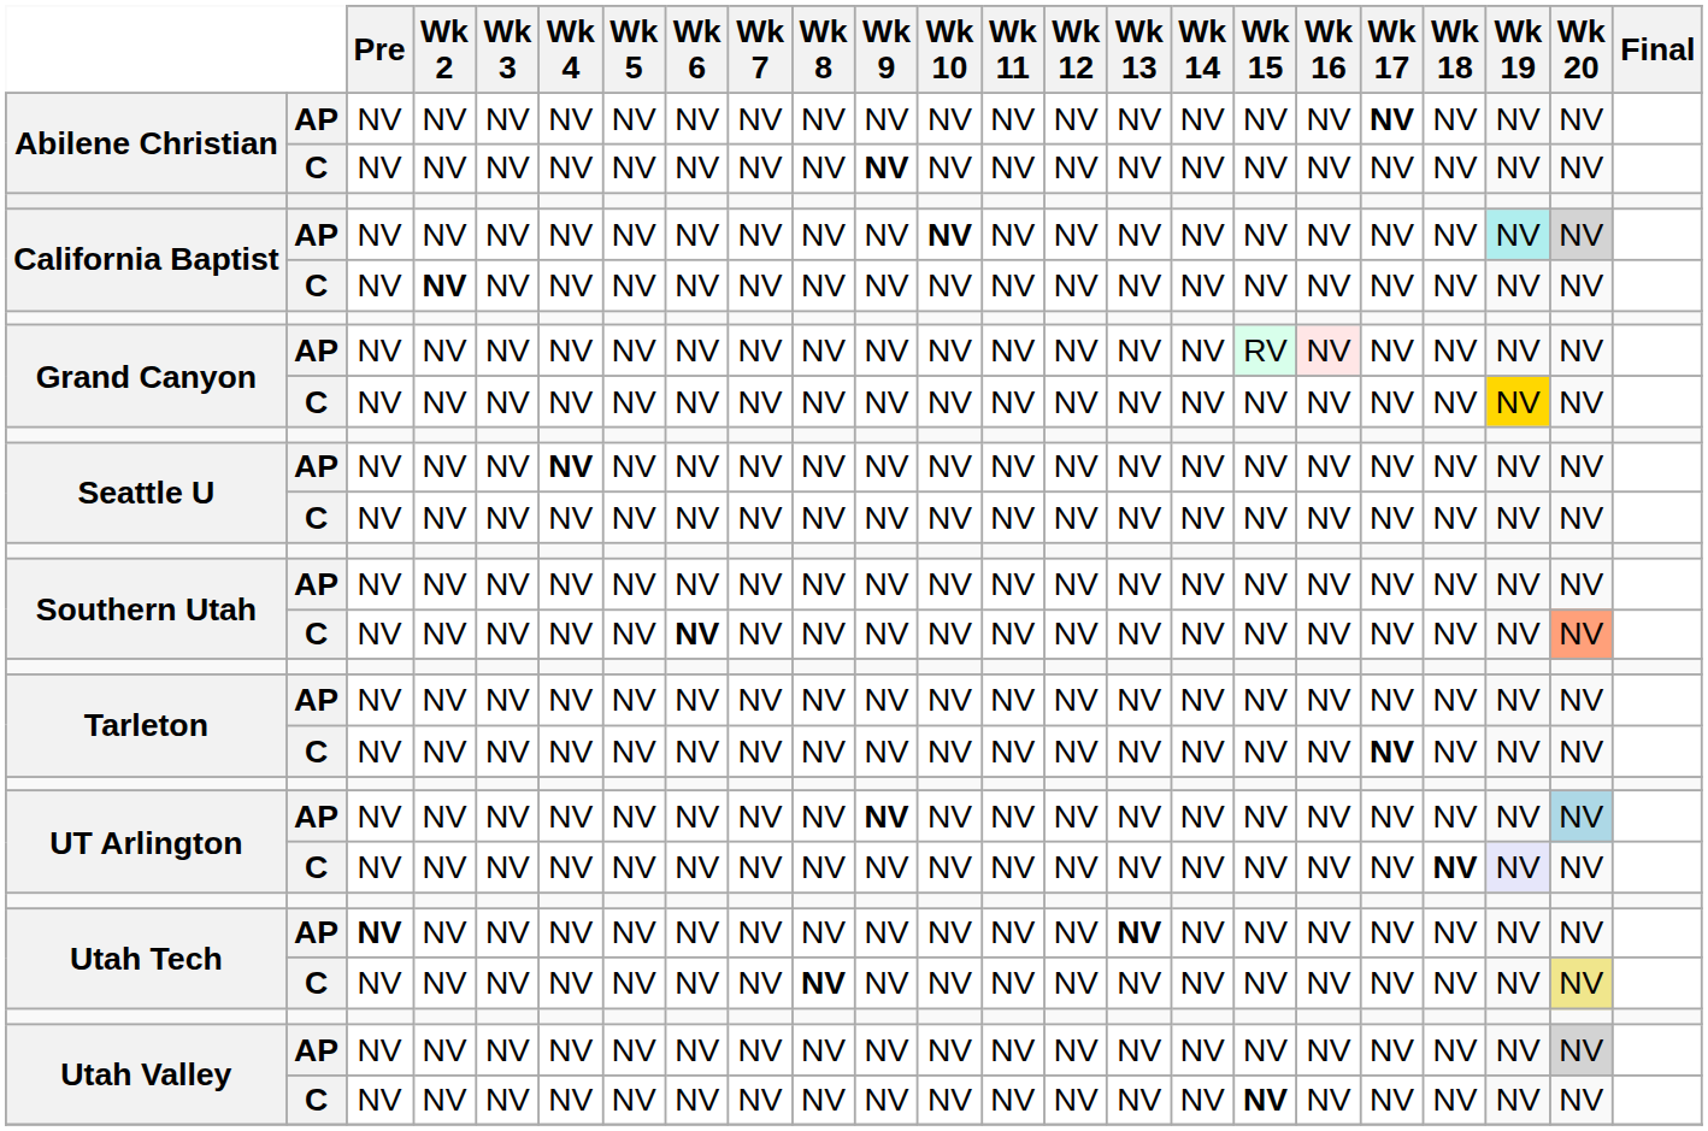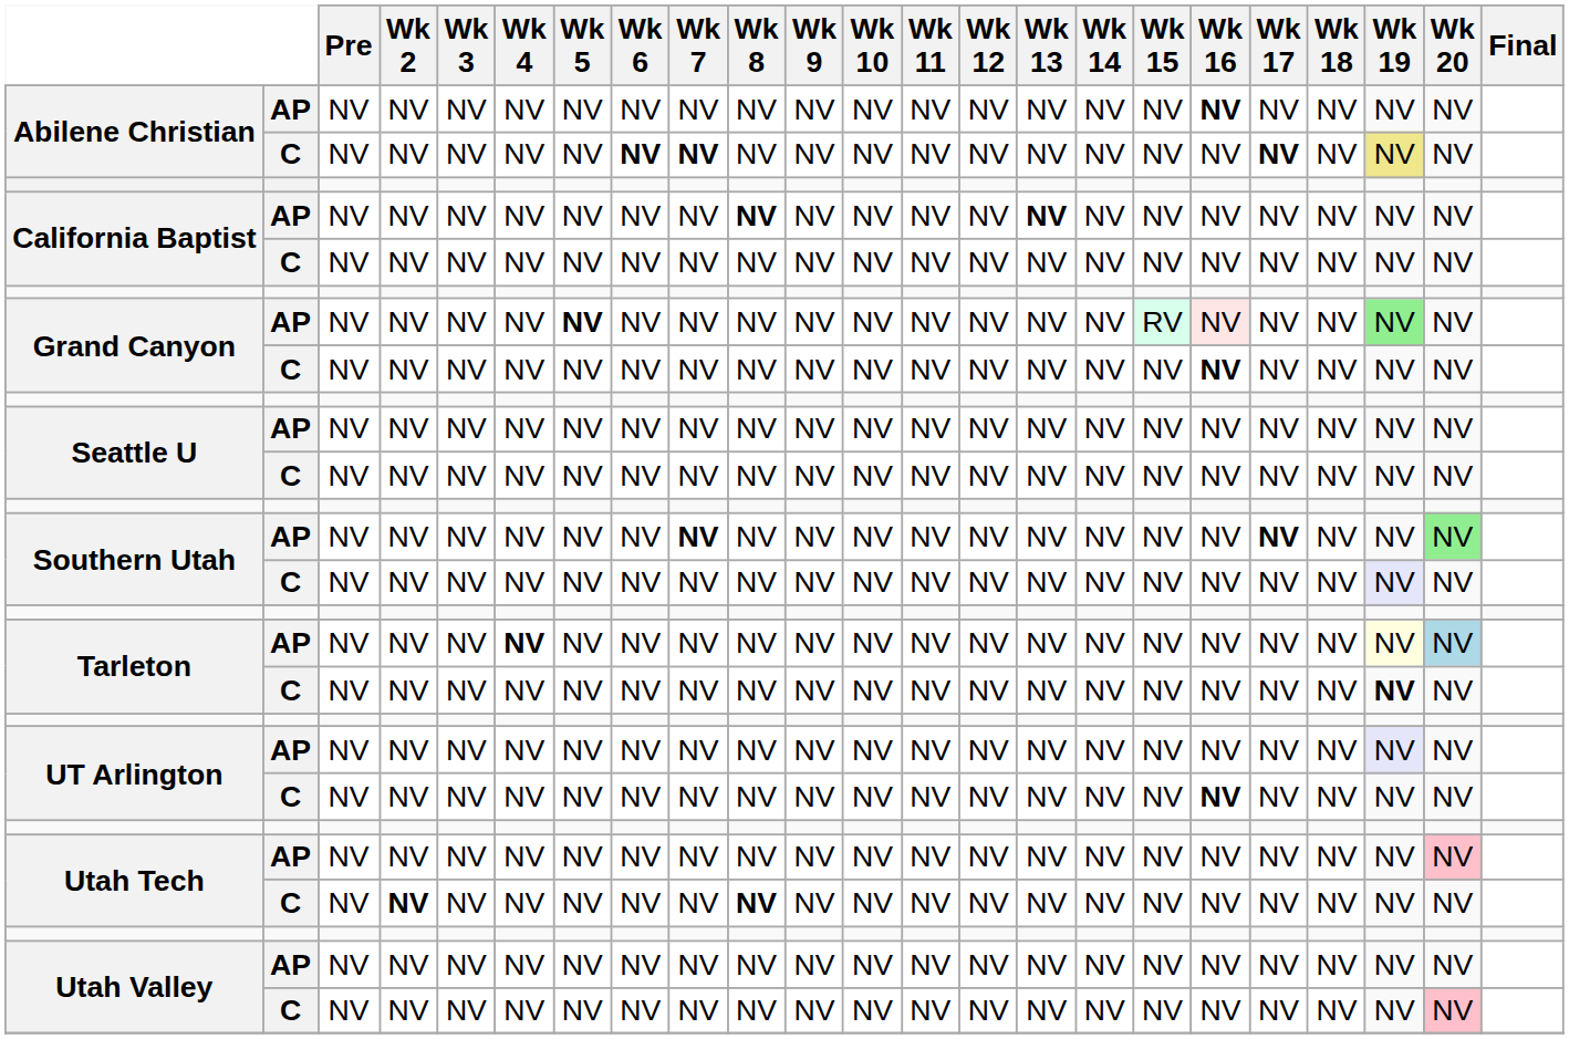 <table class="wikitable" style="white-space:nowrap;font-size:90%;text-align:center;">
 <tr>
 <th colspan=2 style="background:white; border-top-style:hidden; border-left-style:hidden;"> </th>
 <th>Pre</th>
 <th>Wk<br>2</th>
 <th>Wk<br>3</th>
 <th>Wk<br>4</th>
 <th>Wk<br>5</th>
 <th>Wk<br>6</th>
 <th>Wk<br>7</th>
 <th>Wk<br>8</th>
 <th>Wk<br>9</th>
 <th>Wk<br>10</th>
 <th>Wk<br>11</th>
 <th>Wk<br>12</th>
 <th>Wk<br>13</th>
 <th>Wk<br>14</th>
 <th>Wk<br>15</th>
 <th>Wk<br>16</th>
 <th>Wk<br>17</th>
 <th>Wk<br>18</th>
 <th>Wk<br>19</th>
 <th>Wk<br>20</th>
 <th>Final</th>
 </tr>
 <tr>
 <th rowspan=2 style=>Abilene Christian</th>
 <th>AP</th>
 <td style="background:#FFF;">NV</td>
 <td style="background:#FFF;">NV</td>
 <td style="background:#FFF;">NV</td>
 <td style="background:#FFF;">NV</td>
 <td style="background:#FFF;">NV</td>
 <td style="background:#FFF;">NV</td>
 <td style="background:#FFF;">NV</td>
 <td style="background:#FFF;">NV</td>
 <td style="background:#FFF;">NV</td>
 <td style="background:#FFF;">NV</td>
 <td style="background:#FFF;">NV</td>
 <td style="background:#FFF;">NV</td>
 <td style="background:#FFF;">NV</td>
 <td style="background:#FFF;">NV</td>
 <td style="background:#FFF;">NV</td>
+<td style="background:#FFF;"><strong>NV</strong></td>
 <td style="background:#FFF;">NV</td>
-<td style="background:#FFF;"><strong>NV</strong></td>
 <td style="background:#FFF;">NV</td>
 <td>NV</td>
 <td>NV</td>
 <td style="background:#FFF;"></td>
 </tr>
 <tr>
 <th>C</th>
 <td style="background:#FFF;">NV</td>
 <td style="background:#FFF;">NV</td>
 <td style="background:#FFF;">NV</td>
 <td style="background:#FFF;">NV</td>
 <td style="background:#FFF;">NV</td>
-<td style="background:#FFF;">NV</td>
-<td style="background:#FFF;">NV</td>
-<td style="background:#FFF;">NV</td>
+<td style="background:#FFF;"><strong>NV</strong></td>
 <td style="background:#FFF;"><strong>NV</strong></td>
 <td style="background:#FFF;">NV</td>
 <td style="background:#FFF;">NV</td>
 <td style="background:#FFF;">NV</td>
 <td style="background:#FFF;">NV</td>
 <td style="background:#FFF;">NV</td>
 <td style="background:#FFF;">NV</td>
 <td style="background:#FFF;">NV</td>
 <td style="background:#FFF;">NV</td>
 <td style="background:#FFF;">NV</td>
-<td>NV</td>
+<td style="background:#FFF;"><strong>NV</strong></td>
+<td style="background:#FFF;">NV</td>
+<td style="background: khaki;">NV</td>
 <td>NV</td>
 <td style="background:#FFF;"></td>
 </tr>
 <tr>
 <th></th>
 <th></th>
 <td></td>
 <td></td>
 <td></td>
 <td></td>
 <td></td>
 <td></td>
 <td></td>
 <td></td>
 <td></td>
 <td></td>
 <td></td>
 <td></td>
 <td></td>
 <td></td>
 <td></td>
 <td></td>
 <td></td>
 <td></td>
 <td></td>
 <td></td>
 <td></td>
 </tr>
 <tr>
 <th rowspan="2">California Baptist</th>
 <th>AP</th>
 <td style="background:#FFF;">NV</td>
 <td style="background:#FFF;">NV</td>
 <td style="background:#FFF;">NV</td>
 <td style="background:#FFF;">NV</td>
 <td style="background:#FFF;">NV</td>
 <td style="background:#FFF;">NV</td>
 <td style="background:#FFF;">NV</td>
+<td style="background:#FFF;"><strong>NV</strong></td>
+<td style="background:#FFF;">NV</td>
+<td style="background:#FFF;">NV</td>
 <td style="background:#FFF;">NV</td>
 <td style="background:#FFF;">NV</td>
 <td style="background:#FFF;"><strong>NV</strong></td>
 <td style="background:#FFF;">NV</td>
 <td style="background:#FFF;">NV</td>
 <td style="background:#FFF;">NV</td>
 <td style="background:#FFF;">NV</td>
 <td style="background:#FFF;">NV</td>
-<td style="background:#FFF;">NV</td>
-<td style="background:#FFF;">NV</td>
-<td style="background:#FFF;">NV</td>
-<td style="background: paleturquoise;">NV</td>
-<td style="background: lightgrey;">NV</td>
+<td>NV</td>
+<td>NV</td>
 <td style="background:#FFF;"></td>
 </tr>
 <tr>
 <th>C</th>
 <td style="background:#FFF;">NV</td>
-<td style="background:#FFF;"><strong>NV</strong></td>
+<td style="background:#FFF;">NV</td>
 <td style="background:#FFF;">NV</td>
 <td style="background:#FFF;">NV</td>
 <td style="background:#FFF;">NV</td>
 <td style="background:#FFF;">NV</td>
 <td style="background:#FFF;">NV</td>
 <td style="background:#FFF;">NV</td>
 <td style="background:#FFF;">NV</td>
 <td style="background:#FFF;">NV</td>
 <td style="background:#FFF;">NV</td>
 <td style="background:#FFF;">NV</td>
 <td style="background:#FFF;">NV</td>
 <td style="background:#FFF;">NV</td>
 <td style="background:#FFF;">NV</td>
 <td style="background:#FFF;">NV</td>
 <td style="background:#FFF;">NV</td>
 <td style="background:#FFF;">NV</td>
 <td>NV</td>
 <td>NV</td>
 <td style="background:#FFF;"></td>
 </tr>
 <tr>
 <td></td>
 <td></td>
 <td></td>
 <td></td>
 <td></td>
 <td></td>
 <td></td>
 <td></td>
 <td></td>
 <td></td>
 <td></td>
 <td></td>
 <td></td>
 <td></td>
 <td></td>
 <td></td>
 <td></td>
 <td></td>
 <td></td>
 <td></td>
 <td></td>
 <td></td>
 <td></td>
 </tr>
 <tr>
 <th rowspan=2 style=>Grand Canyon</th>
 <th>AP</th>
 <td style="background:#FFF;">NV</td>
 <td style="background:#FFF;">NV</td>
 <td style="background:#FFF;">NV</td>
 <td style="background:#FFF;">NV</td>
-<td style="background:#FFF;">NV</td>
+<td style="background:#FFF;"><strong>NV</strong></td>
 <td style="background:#FFF;">NV</td>
 <td style="background:#FFF;">NV</td>
 <td style="background:#FFF;">NV</td>
 <td style="background:#FFF;">NV</td>
 <td style="background:#FFF;">NV</td>
 <td style="background:#FFF;">NV</td>
 <td style="background:#FFF;">NV</td>
 <td style="background:#FFF;">NV</td>
 <td style="background:#FFF;">NV</td>
 <td style="background:#d8ffeb;">RV</td>
 <td style="background:#ffe6e6;">NV</td>
 <td style="background:#FFF;">NV</td>
 <td style="background:#FFF;">NV</td>
-<td>NV</td>
+<td style="background: lightgreen;">NV</td>
 <td>NV</td>
 <td style="background:#FFF;"></td>
 </tr>
 <tr>
 <th>C</th>
 <td style="background:#FFF;">NV</td>
 <td style="background:#FFF;">NV</td>
 <td style="background:#FFF;">NV</td>
 <td style="background:#FFF;">NV</td>
 <td style="background:#FFF;">NV</td>
 <td style="background:#FFF;">NV</td>
 <td style="background:#FFF;">NV</td>
 <td style="background:#FFF;">NV</td>
 <td style="background:#FFF;">NV</td>
 <td style="background:#FFF;">NV</td>
 <td style="background:#FFF;">NV</td>
 <td style="background:#FFF;">NV</td>
 <td style="background:#FFF;">NV</td>
 <td style="background:#FFF;">NV</td>
 <td style="background:#FFF;">NV</td>
+<td style="background:#FFF;"><strong>NV</strong></td>
 <td style="background:#FFF;">NV</td>
 <td style="background:#FFF;">NV</td>
-<td style="background:#FFF;">NV</td>
-<td style="background: gold;">NV</td>
+<td>NV</td>
 <td>NV</td>
 <td style="background:#FFF;"></td>
 </tr>
 <tr>
 <td></td>
 <td></td>
 <td></td>
 <td></td>
 <td></td>
 <td></td>
 <td></td>
 <td></td>
 <td></td>
 <td></td>
 <td></td>
 <td></td>
 <td></td>
 <td></td>
 <td></td>
 <td></td>
 <td></td>
 <td></td>
 <td></td>
 <td></td>
 <td></td>
 <td></td>
 <td></td>
 </tr>
 <tr>
 <th rowspan="2">Seattle U</th>
 <th>AP</th>
 <td style="background:#FFF;">NV</td>
 <td style="background:#FFF;">NV</td>
 <td style="background:#FFF;">NV</td>
-<td style="background:#FFF;"><strong>NV</strong></td>
+<td style="background:#FFF;">NV</td>
 <td style="background:#FFF;">NV</td>
 <td style="background:#FFF;">NV</td>
 <td style="background:#FFF;">NV</td>
 <td style="background:#FFF;">NV</td>
 <td style="background:#FFF;">NV</td>
 <td style="background:#FFF;">NV</td>
 <td style="background:#FFF;">NV</td>
 <td style="background:#FFF;">NV</td>
 <td style="background:#FFF;">NV</td>
 <td style="background:#FFF;">NV</td>
 <td style="background:#FFF;">NV</td>
 <td style="background:#FFF;">NV</td>
 <td style="background:#FFF;">NV</td>
 <td style="background:#FFF;">NV</td>
 <td>NV</td>
 <td>NV</td>
 <td style="background:#FFF;"></td>
 </tr>
 <tr>
 <th>C</th>
 <td style="background:#FFF;">NV</td>
 <td style="background:#FFF;">NV</td>
 <td style="background:#FFF;">NV</td>
 <td style="background:#FFF;">NV</td>
 <td style="background:#FFF;">NV</td>
 <td style="background:#FFF;">NV</td>
 <td style="background:#FFF;">NV</td>
 <td style="background:#FFF;">NV</td>
 <td style="background:#FFF;">NV</td>
 <td style="background:#FFF;">NV</td>
 <td style="background:#FFF;">NV</td>
 <td style="background:#FFF;">NV</td>
 <td style="background:#FFF;">NV</td>
 <td style="background:#FFF;">NV</td>
 <td style="background:#FFF;">NV</td>
 <td style="background:#FFF;">NV</td>
 <td style="background:#FFF;">NV</td>
 <td style="background:#FFF;">NV</td>
 <td>NV</td>
 <td>NV</td>
 <td style="background:#FFF;"></td>
 </tr>
 <tr>
 <td></td>
 <td></td>
 <td></td>
 <td></td>
 <td></td>
 <td></td>
 <td></td>
 <td></td>
 <td></td>
 <td></td>
 <td></td>
 <td></td>
 <td></td>
 <td></td>
 <td></td>
 <td></td>
 <td></td>
 <td></td>
 <td></td>
 <td></td>
 <td></td>
 <td></td>
 <td></td>
 </tr>
 <tr>
 <th rowspan=2 style=>Southern Utah</th>
 <th>AP</th>
 <td style="background:#FFF;">NV</td>
 <td style="background:#FFF;">NV</td>
 <td style="background:#FFF;">NV</td>
 <td style="background:#FFF;">NV</td>
 <td style="background:#FFF;">NV</td>
 <td style="background:#FFF;">NV</td>
+<td style="background:#FFF;"><strong>NV</strong></td>
+<td style="background:#FFF;">NV</td>
+<td style="background:#FFF;">NV</td>
+<td style="background:#FFF;">NV</td>
+<td style="background:#FFF;">NV</td>
+<td style="background:#FFF;">NV</td>
+<td style="background:#FFF;">NV</td>
+<td style="background:#FFF;">NV</td>
+<td style="background:#FFF;">NV</td>
+<td style="background:#FFF;">NV</td>
+<td style="background:#FFF;"><strong>NV</strong></td>
+<td style="background:#FFF;">NV</td>
+<td>NV</td>
+<td style="background: lightgreen;">NV</td>
+<td style="background:#FFF;"></td>
+</tr>
+<tr>
+<th>C</th>
 <td style="background:#FFF;">NV</td>
 <td style="background:#FFF;">NV</td>
 <td style="background:#FFF;">NV</td>
 <td style="background:#FFF;">NV</td>
 <td style="background:#FFF;">NV</td>
 <td style="background:#FFF;">NV</td>
 <td style="background:#FFF;">NV</td>
 <td style="background:#FFF;">NV</td>
 <td style="background:#FFF;">NV</td>
 <td style="background:#FFF;">NV</td>
 <td style="background:#FFF;">NV</td>
 <td style="background:#FFF;">NV</td>
-<td>NV</td>
-<td>NV</td>
-<td style="background:#FFF;"></td>
-</tr>
-<tr>
-<th>C</th>
-<td style="background:#FFF;">NV</td>
-<td style="background:#FFF;">NV</td>
-<td style="background:#FFF;">NV</td>
-<td style="background:#FFF;">NV</td>
-<td style="background:#FFF;">NV</td>
-<td style="background:#FFF;"><strong>NV</strong></td>
 <td style="background:#FFF;">NV</td>
 <td style="background:#FFF;">NV</td>
 <td style="background:#FFF;">NV</td>
 <td style="background:#FFF;">NV</td>
 <td style="background:#FFF;">NV</td>
 <td style="background:#FFF;">NV</td>
-<td style="background:#FFF;">NV</td>
-<td style="background:#FFF;">NV</td>
-<td style="background:#FFF;">NV</td>
-<td style="background:#FFF;">NV</td>
-<td style="background:#FFF;">NV</td>
-<td style="background:#FFF;">NV</td>
+<td style="background: lavender;">NV</td>
 <td>NV</td>
-<td style="background: lightsalmon;">NV</td>
 <td style="background:#FFF;"></td>
 </tr>
 <tr>
 <td></td>
 <td></td>
 <td></td>
 <td></td>
 <td></td>
 <td></td>
 <td></td>
 <td></td>
 <td></td>
 <td></td>
 <td></td>
 <td></td>
 <td></td>
 <td></td>
 <td></td>
 <td></td>
 <td></td>
 <td></td>
 <td></td>
 <td></td>
 <td></td>
 <td></td>
 <td></td>
 </tr>
 <tr>
 <th rowspan=2 style=>Tarleton</th>
 <th>AP</th>
 <td style="background:#FFF;">NV</td>
 <td style="background:#FFF;">NV</td>
 <td style="background:#FFF;">NV</td>
+<td style="background:#FFF;"><strong>NV</strong></td>
 <td style="background:#FFF;">NV</td>
 <td style="background:#FFF;">NV</td>
 <td style="background:#FFF;">NV</td>
 <td style="background:#FFF;">NV</td>
 <td style="background:#FFF;">NV</td>
 <td style="background:#FFF;">NV</td>
 <td style="background:#FFF;">NV</td>
 <td style="background:#FFF;">NV</td>
 <td style="background:#FFF;">NV</td>
 <td style="background:#FFF;">NV</td>
 <td style="background:#FFF;">NV</td>
 <td style="background:#FFF;">NV</td>
 <td style="background:#FFF;">NV</td>
 <td style="background:#FFF;">NV</td>
-<td style="background:#FFF;">NV</td>
-<td>NV</td>
-<td>NV</td>
+<td style="background: lightyellow;">NV</td>
+<td style="background: lightblue;">NV</td>
 <td style="background:#FFF;"></td>
 </tr>
 <tr>
 <th>C</th>
 <td style="background:#FFF;">NV</td>
 <td style="background:#FFF;">NV</td>
 <td style="background:#FFF;">NV</td>
 <td style="background:#FFF;">NV</td>
 <td style="background:#FFF;">NV</td>
 <td style="background:#FFF;">NV</td>
 <td style="background:#FFF;">NV</td>
 <td style="background:#FFF;">NV</td>
 <td style="background:#FFF;">NV</td>
 <td style="background:#FFF;">NV</td>
 <td style="background:#FFF;">NV</td>
 <td style="background:#FFF;">NV</td>
 <td style="background:#FFF;">NV</td>
 <td style="background:#FFF;">NV</td>
 <td style="background:#FFF;">NV</td>
 <td style="background:#FFF;">NV</td>
-<td style="background:#FFF;"><strong>NV</strong></td>
 <td style="background:#FFF;">NV</td>
-<td>NV</td>
+<td style="background:#FFF;">NV</td>
+<td><strong>NV</strong></td>
 <td>NV</td>
 <td style="background:#FFF;"></td>
 </tr>
 <tr>
 <td></td>
 <td></td>
 <td></td>
 <td></td>
 <td></td>
 <td></td>
 <td></td>
 <td></td>
 <td></td>
 <td></td>
 <td></td>
 <td></td>
 <td></td>
 <td></td>
 <td></td>
 <td></td>
 <td></td>
 <td></td>
 <td></td>
 <td></td>
 <td></td>
 <td></td>
 <td></td>
 </tr>
 <tr>
 <th rowspan=2 style=>UT Arlington</th>
 <th>AP</th>
 <td style="background:#FFF;">NV</td>
 <td style="background:#FFF;">NV</td>
 <td style="background:#FFF;">NV</td>
 <td style="background:#FFF;">NV</td>
 <td style="background:#FFF;">NV</td>
 <td style="background:#FFF;">NV</td>
 <td style="background:#FFF;">NV</td>
 <td style="background:#FFF;">NV</td>
-<td style="background:#FFF;"><strong>NV</strong></td>
 <td style="background:#FFF;">NV</td>
 <td style="background:#FFF;">NV</td>
 <td style="background:#FFF;">NV</td>
 <td style="background:#FFF;">NV</td>
 <td style="background:#FFF;">NV</td>
 <td style="background:#FFF;">NV</td>
 <td style="background:#FFF;">NV</td>
 <td style="background:#FFF;">NV</td>
 <td style="background:#FFF;">NV</td>
+<td style="background:#FFF;">NV</td>
+<td style="background: lavender;">NV</td>
 <td>NV</td>
-<td style="background: lightblue;">NV</td>
 <td style="background:#FFF;"></td>
 </tr>
 <tr>
 <th>C</th>
 <td style="background:#FFF;">NV</td>
 <td style="background:#FFF;">NV</td>
 <td style="background:#FFF;">NV</td>
 <td style="background:#FFF;">NV</td>
 <td style="background:#FFF;">NV</td>
 <td style="background:#FFF;">NV</td>
 <td style="background:#FFF;">NV</td>
 <td style="background:#FFF;">NV</td>
 <td style="background:#FFF;">NV</td>
 <td style="background:#FFF;">NV</td>
 <td style="background:#FFF;">NV</td>
 <td style="background:#FFF;">NV</td>
 <td style="background:#FFF;">NV</td>
 <td style="background:#FFF;">NV</td>
 <td style="background:#FFF;">NV</td>
+<td style="background:#FFF;"><strong>NV</strong></td>
 <td style="background:#FFF;">NV</td>
 <td style="background:#FFF;">NV</td>
-<td style="background:#FFF;"><strong>NV</strong></td>
-<td style="background: lavender;">NV</td>
+<td>NV</td>
 <td>NV</td>
 <td style="background:#FFF;"></td>
 </tr>
 <tr>
 <td></td>
 <td></td>
 <td></td>
 <td></td>
 <td></td>
 <td></td>
 <td></td>
 <td></td>
 <td></td>
 <td></td>
 <td></td>
 <td></td>
 <td></td>
 <td></td>
 <td></td>
 <td></td>
 <td></td>
 <td></td>
 <td></td>
 <td></td>
 <td></td>
 <td></td>
 <td></td>
 </tr>
 <tr>
 <th rowspan=2 style=>Utah Tech</th>
 <th>AP</th>
-<td style="background:#FFF;"><strong>NV</strong></td>
 <td style="background:#FFF;">NV</td>
 <td style="background:#FFF;">NV</td>
 <td style="background:#FFF;">NV</td>
 <td style="background:#FFF;">NV</td>
 <td style="background:#FFF;">NV</td>
 <td style="background:#FFF;">NV</td>
 <td style="background:#FFF;">NV</td>
 <td style="background:#FFF;">NV</td>
 <td style="background:#FFF;">NV</td>
 <td style="background:#FFF;">NV</td>
 <td style="background:#FFF;">NV</td>
-<td style="background:#FFF;"><strong>NV</strong></td>
+<td style="background:#FFF;">NV</td>
+<td style="background:#FFF;">NV</td>
 <td style="background:#FFF;">NV</td>
 <td style="background:#FFF;">NV</td>
 <td style="background:#FFF;">NV</td>
 <td style="background:#FFF;">NV</td>
 <td style="background:#FFF;">NV</td>
 <td>NV</td>
-<td>NV</td>
+<td style="background: pink;">NV</td>
 <td style="background:#FFF;"></td>
 </tr>
 <tr>
 <th>C</th>
 <td style="background:#FFF;">NV</td>
-<td style="background:#FFF;">NV</td>
+<td style="background:#FFF;"><strong>NV</strong></td>
 <td style="background:#FFF;">NV</td>
 <td style="background:#FFF;">NV</td>
 <td style="background:#FFF;">NV</td>
 <td style="background:#FFF;">NV</td>
 <td style="background:#FFF;">NV</td>
 <td style="background:#FFF;"><strong>NV</strong></td>
 <td style="background:#FFF;">NV</td>
 <td style="background:#FFF;">NV</td>
 <td style="background:#FFF;">NV</td>
 <td style="background:#FFF;">NV</td>
 <td style="background:#FFF;">NV</td>
 <td style="background:#FFF;">NV</td>
 <td style="background:#FFF;">NV</td>
 <td style="background:#FFF;">NV</td>
 <td style="background:#FFF;">NV</td>
 <td style="background:#FFF;">NV</td>
 <td>NV</td>
-<td style="background: khaki;">NV</td>
+<td>NV</td>
 <td style="background:#FFF;"></td>
 </tr>
 <tr>
 <td></td>
 <td></td>
 <td></td>
 <td></td>
 <td></td>
 <td></td>
 <td></td>
 <td></td>
 <td></td>
 <td></td>
 <td></td>
 <td></td>
 <td></td>
 <td></td>
 <td></td>
 <td></td>
 <td></td>
 <td></td>
 <td></td>
 <td></td>
 <td></td>
 <td></td>
 <td></td>
 </tr>
 <tr>
 <th rowspan=2 style=>Utah Valley</th>
 <th>AP</th>
 <td style="background:#FFF;">NV</td>
 <td style="background:#FFF;">NV</td>
 <td style="background:#FFF;">NV</td>
 <td style="background:#FFF;">NV</td>
 <td style="background:#FFF;">NV</td>
 <td style="background:#FFF;">NV</td>
 <td style="background:#FFF;">NV</td>
 <td style="background:#FFF;">NV</td>
 <td style="background:#FFF;">NV</td>
 <td style="background:#FFF;">NV</td>
 <td style="background:#FFF;">NV</td>
 <td style="background:#FFF;">NV</td>
 <td style="background:#FFF;">NV</td>
 <td style="background:#FFF;">NV</td>
 <td style="background:#FFF;">NV</td>
 <td style="background:#FFF;">NV</td>
 <td style="background:#FFF;">NV</td>
 <td style="background:#FFF;">NV</td>
 <td>NV</td>
-<td style="background: lightgrey;">NV</td>
+<td>NV</td>
 <td style="background:#FFF;"></td>
 </tr>
 <tr>
 <th>C</th>
 <td style="background:#FFF;">NV</td>
 <td style="background:#FFF;">NV</td>
 <td style="background:#FFF;">NV</td>
 <td style="background:#FFF;">NV</td>
 <td style="background:#FFF;">NV</td>
 <td style="background:#FFF;">NV</td>
 <td style="background:#FFF;">NV</td>
 <td style="background:#FFF;">NV</td>
 <td style="background:#FFF;">NV</td>
 <td style="background:#FFF;">NV</td>
 <td style="background:#FFF;">NV</td>
 <td style="background:#FFF;">NV</td>
 <td style="background:#FFF;">NV</td>
 <td style="background:#FFF;">NV</td>
-<td style="background:#FFF;"><strong>NV</strong></td>
+<td style="background:#FFF;">NV</td>
 <td style="background:#FFF;">NV</td>
 <td style="background:#FFF;">NV</td>
 <td style="background:#FFF;">NV</td>
 <td>NV</td>
-<td>NV</td>
+<td style="background: pink;">NV</td>
 <td style="background:#FFF;"></td>
 </tr>
 <tr>
 </tr>
 <tr>
 </tr>
 </table>
